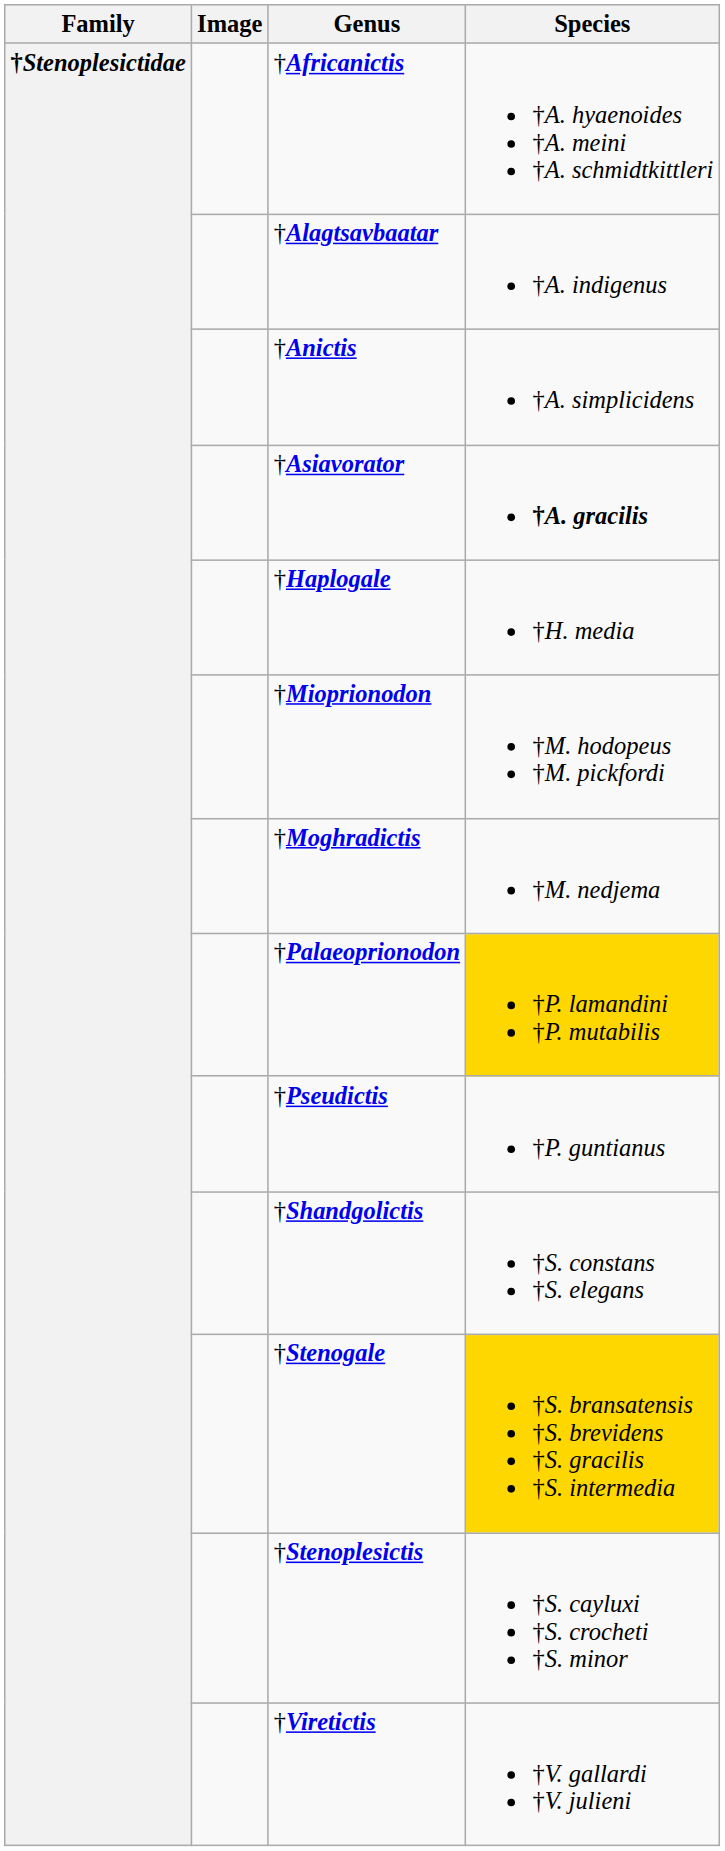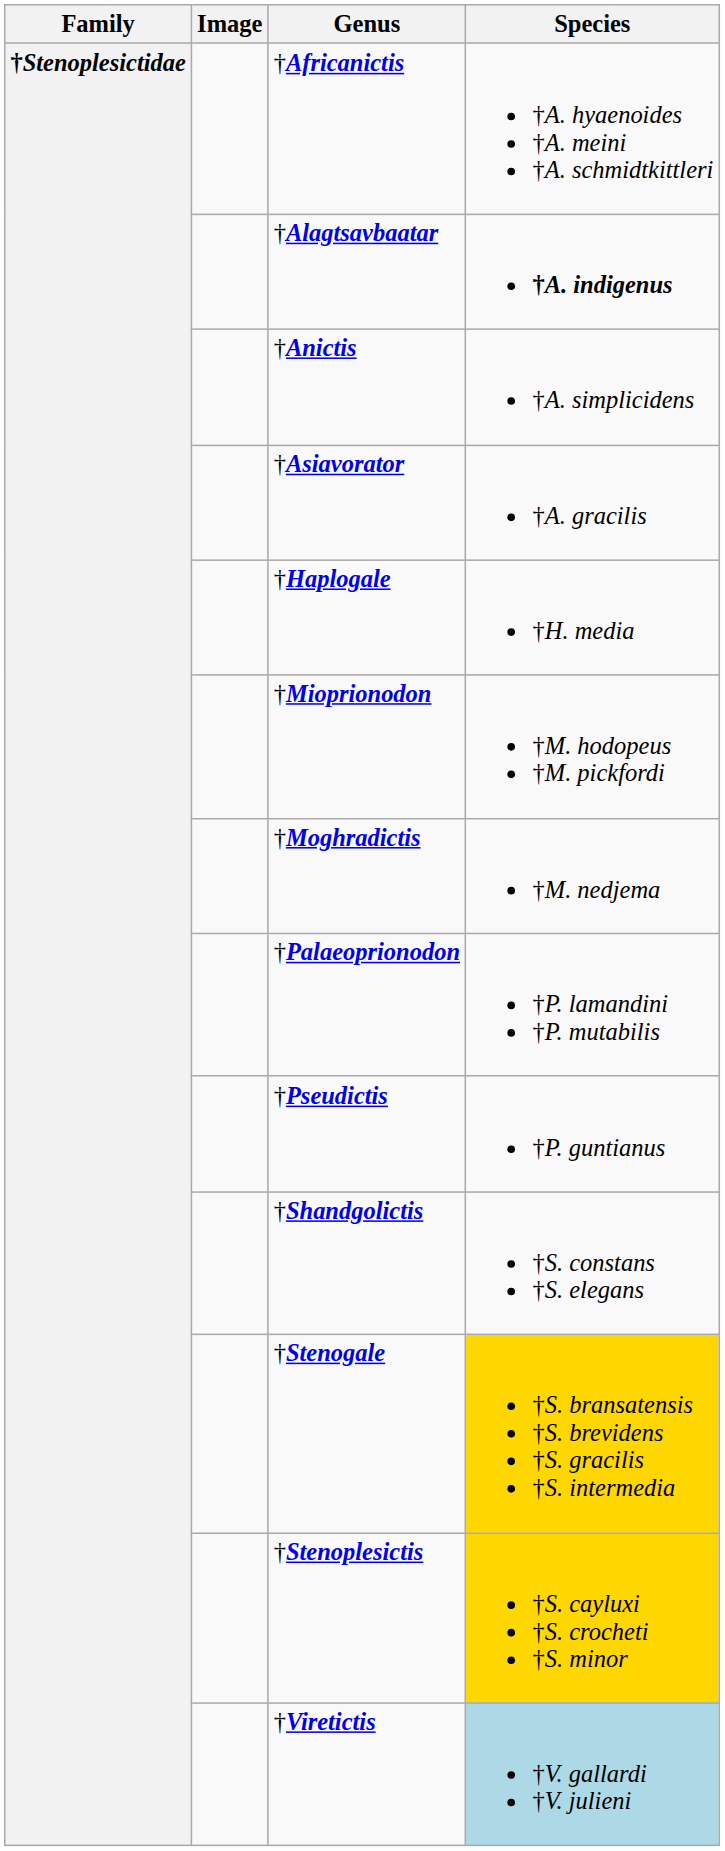 <table class="wikitable">
 <tr>
 <th>Family</th>
 <th>Image</th>
 <th>Genus</th>
 <th>Species</th>
 </tr>
 <tr style="vertical-align:top;">
 <th rowspan="19" style="text-align:center;">†<em>Stenoplesictidae</em></th>
 <td></td>
 <td>†<strong><em><a href='#'>Africanictis</a></em></strong> </td>
 <td><br><ul><li>†<em>A. hyaenoides</em></li><li>†<em>A. meini</em></li><li>†<em>A. schmidtkittleri</em></li></ul></td>
 </tr>
 <tr style="vertical-align:top;">
 <td></td>
 <td>†<strong><em><a href='#'>Alagtsavbaatar</a></em></strong> </td>
-<td><br><ul><li>†<em>A. indigenus</em></li></ul></td>
+<td><strong><br><ul><li>†<em>A. indigenus</em></li></ul></strong></td>
 </tr>
 <tr style="vertical-align:top;">
 <td></td>
 <td>†<strong><em><a href='#'>Anictis</a></em></strong> </td>
 <td><br><ul><li>†<em>A. simplicidens</em></li></ul></td>
 </tr>
 <tr style="vertical-align:top;">
 <td></td>
 <td>†<strong><em><a href='#'>Asiavorator</a></em></strong> </td>
-<td><strong><br><ul><li>†<em>A. gracilis</em></li></ul></strong></td>
+<td><br><ul><li>†<em>A. gracilis</em></li></ul></td>
 </tr>
 <tr style="vertical-align:top;">
 <td></td>
 <td>†<strong><em><a href='#'>Haplogale</a></em></strong> </td>
 <td><br><ul><li>†<em>H. media</em></li></ul></td>
 </tr>
 <tr style="vertical-align:top;">
 <td></td>
 <td>†<strong><em><a href='#'>Mioprionodon</a></em></strong> </td>
 <td><br><ul><li>†<em>M. hodopeus</em></li><li>†<em>M. pickfordi</em></li></ul></td>
 </tr>
 <tr style="vertical-align:top;">
 <td></td>
 <td>†<strong><em><a href='#'>Moghradictis</a></em></strong> </td>
 <td><br><ul><li>†<em>M. nedjema</em></li></ul></td>
 </tr>
 <tr style="vertical-align:top;">
 <td></td>
 <td>†<strong><em><a href='#'>Palaeoprionodon</a></em></strong> </td>
-<td style="background: gold;"><br><ul><li>†<em>P. lamandini</em></li><li>†<em>P. mutabilis</em></li></ul></td>
+<td><br><ul><li>†<em>P. lamandini</em></li><li>†<em>P. mutabilis</em></li></ul></td>
 </tr>
 <tr style="vertical-align:top;">
 <td></td>
 <td>†<strong><em><a href='#'>Pseudictis</a></em></strong> </td>
 <td><br><ul><li>†<em>P. guntianus</em></li></ul></td>
 </tr>
 <tr style="vertical-align:top;">
 <td></td>
 <td>†<strong><em><a href='#'>Shandgolictis</a></em></strong> </td>
 <td><br><ul><li>†<em>S. constans</em></li><li>†<em>S. elegans</em></li></ul></td>
 </tr>
 <tr style="vertical-align:top;">
 <td></td>
 <td>†<strong><em><a href='#'>Stenogale</a></em></strong> </td>
 <td style="background: gold;"><br><ul><li>†<em>S. bransatensis</em></li><li>†<em>S. brevidens</em></li><li>†<em>S. gracilis</em></li><li>†<em>S. intermedia</em></li></ul></td>
 </tr>
 <tr style="vertical-align:top;">
 <td></td>
 <td>†<strong><em><a href='#'>Stenoplesictis</a></em></strong> </td>
-<td><br><ul><li>†<em>S. cayluxi</em></li><li>†<em>S. crocheti</em></li><li>†<em>S. minor</em></li></ul></td>
+<td style="background: gold;"><br><ul><li>†<em>S. cayluxi</em></li><li>†<em>S. crocheti</em></li><li>†<em>S. minor</em></li></ul></td>
 </tr>
 <tr style="vertical-align:top;">
 <td></td>
 <td>†<strong><em><a href='#'>Viretictis</a></em></strong> </td>
-<td><br><ul><li>†<em>V. gallardi</em></li><li>†<em>V. julieni</em></li></ul></td>
+<td style="background: lightblue;"><br><ul><li>†<em>V. gallardi</em></li><li>†<em>V. julieni</em></li></ul></td>
 </tr>
 </table>
